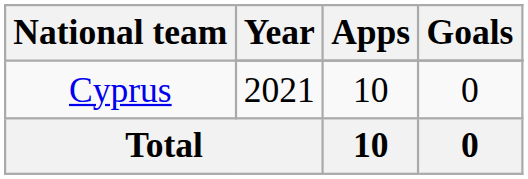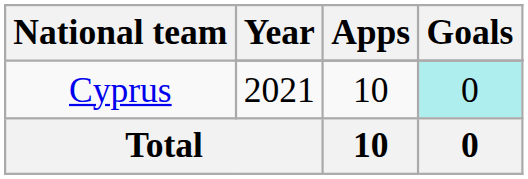 <table class="wikitable" style="text-align:center">
 <tr>
 <th>National team</th>
 <th>Year</th>
 <th>Apps</th>
 <th>Goals</th>
 </tr>
 <tr>
 <td rowspan=2><a href='#'>Cyprus</a></td>
 </tr>
 <tr>
 <td>2021</td>
 <td>10</td>
-<td>0</td>
+<td style="background: paleturquoise;">0</td>
 </tr>
 <tr>
 <th colspan="2">Total</th>
 <th>10</th>
 <th>0</th>
 </tr>
 </table>
